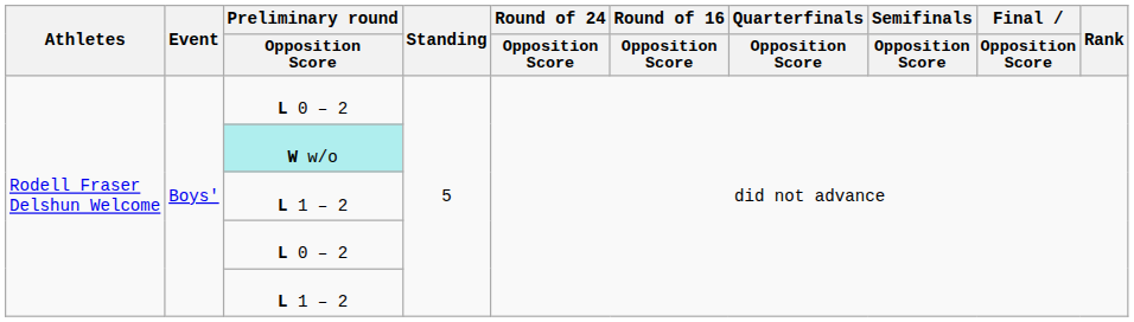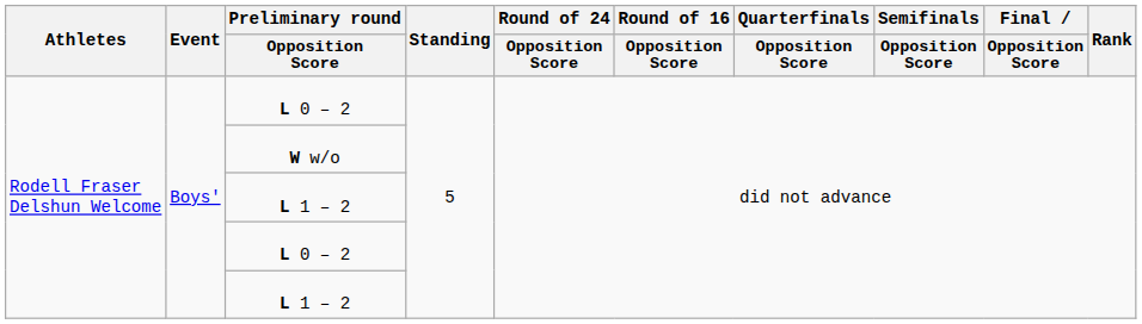 <table class=wikitable style="font-size:90%">
 <tr>
 <th rowspan="2">Athletes</th>
 <th rowspan="2">Event</th>
 <th>Preliminary round</th>
 <th rowspan="2">Standing</th>
 <th>Round of 24</th>
 <th>Round of 16</th>
 <th>Quarterfinals</th>
 <th>Semifinals</th>
 <th>Final / </th>
 <th rowspan=2>Rank</th>
 </tr>
 <tr style="font-size:95%">
 <th>Opposition<br>Score</th>
 <th>Opposition<br>Score</th>
 <th>Opposition<br>Score</th>
 <th>Opposition<br>Score</th>
 <th>Opposition<br>Score</th>
 <th>Opposition<br>Score</th>
 </tr>
 <tr align=center>
 <td align=left rowspan=5><a href='#'>Rodell Fraser</a><br><a href='#'>Delshun Welcome</a></td>
 <td align=left rowspan=5><a href='#'>Boys'</a></td>
 <td><br><strong>L</strong> 0 – 2</td>
 <td rowspan=5>5</td>
 <td rowspan=5 colspan=6>did not advance</td>
 </tr>
 <tr align=center>
-<td style="background: paleturquoise;"><br><strong>W</strong> w/o</td>
+<td><br><strong>W</strong> w/o</td>
 </tr>
 <tr align=center>
 <td><br><strong>L</strong> 1 – 2</td>
 </tr>
 <tr align=center>
 <td><br><strong>L</strong> 0 – 2</td>
 </tr>
 <tr align=center>
 <td><br><strong>L</strong> 1 – 2</td>
 </tr>
 </table>
